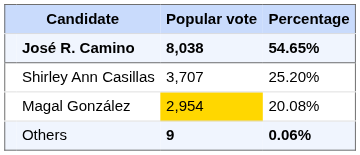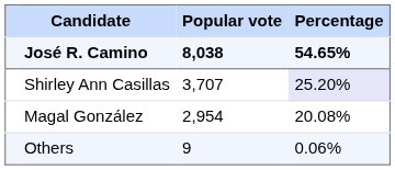 <table style="border: 1px solid #666666; border-collapse: collapse" align="center" cellpadding="6">
 <tr style="background-color: #C9DBFC">
 <th colspan="2">Candidate</th>
 <th>Popular vote</th>
 <th>Percentage</th>
 </tr>
 <tr style="background-color: #F0F5FE">
 <td style="border-top: 1px solid #DDDDDD"></td>
 <td style="border-top: 1px solid #DDDDDD"><strong>José R. Camino</strong></td>
 <td style="border-top: 1px solid #DDDDDD"><strong>8,038</strong></td>
 <td style="border-top: 1px solid #DDDDDD"><strong>54.65%</strong></td>
 </tr>
 <tr>
 <td style="border-top: 1px solid #666666"></td>
 <td style="border-top: 1px solid #666666">Shirley Ann Casillas</td>
 <td style="border-top: 1px solid #666666">3,707</td>
-<td style="border-top: 1px solid #666666">25.20%</td>
+<td style="background: lavender; border-top: 1px solid #666666">25.20%</td>
 </tr>
 <tr>
 <td style="border-top: 1px solid #DDDDDD"></td>
 <td style="border-top: 1px solid #DDDDDD">Magal González</td>
-<td style="background: gold; border-top: 1px solid #DDDDDD">2,954</td>
+<td style="border-top: 1px solid #DDDDDD">2,954</td>
 <td style="border-top: 1px solid #DDDDDD">20.08%</td>
 </tr>
 <tr style="background-color: #F0F5FE">
 <td style="border-top: 1px solid #DDDDDD"></td>
 <td style="border-top: 1px solid #DDDDDD">Others</td>
-<td style="border-top: 1px solid #DDDDDD"><strong>9</strong></td>
-<td style="border-top: 1px solid #DDDDDD"><strong>0.06%</strong></td>
+<td style="border-top: 1px solid #DDDDDD">9</td>
+<td style="border-top: 1px solid #DDDDDD">0.06%</td>
 </tr>
 </table>
